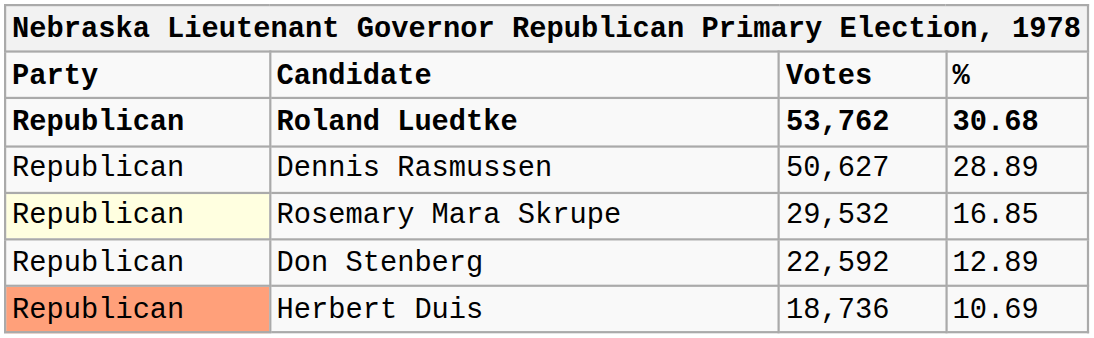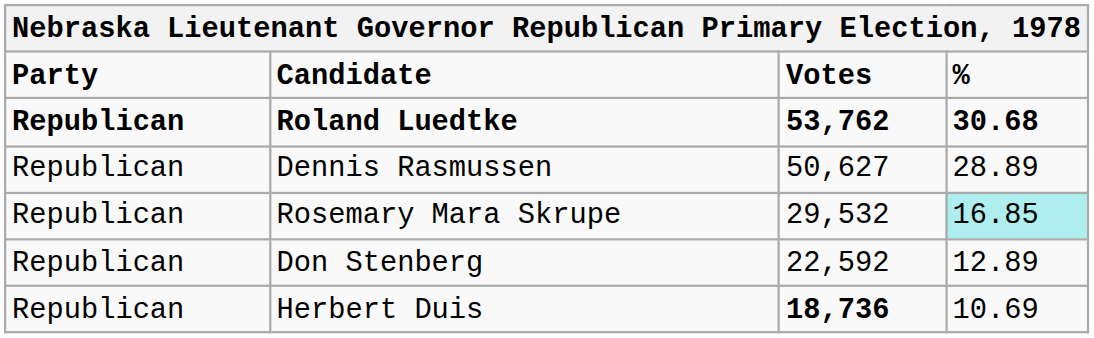 <table class="wikitable">
 <tr>
 <th colspan="4">Nebraska Lieutenant Governor Republican Primary Election, 1978</th>
 </tr>
 <tr>
 <td><strong>Party</strong></td>
 <td><strong>Candidate</strong></td>
 <td><strong>Votes</strong></td>
 <td><strong>%</strong></td>
 </tr>
 <tr>
 <td><strong>Republican</strong></td>
 <td><strong>Roland Luedtke</strong></td>
 <td><strong>53,762</strong></td>
 <td><strong>30.68</strong></td>
 </tr>
 <tr>
 <td>Republican</td>
 <td>Dennis Rasmussen</td>
 <td>50,627</td>
 <td>28.89</td>
 </tr>
 <tr>
-<td style="background: lightyellow;">Republican</td>
+<td>Republican</td>
 <td>Rosemary Mara Skrupe</td>
 <td>29,532</td>
-<td>16.85</td>
+<td style="background: paleturquoise;">16.85</td>
 </tr>
 <tr>
 <td>Republican</td>
 <td>Don Stenberg</td>
 <td>22,592</td>
 <td>12.89</td>
 </tr>
 <tr>
-<td style="background: lightsalmon;">Republican</td>
+<td>Republican</td>
 <td>Herbert Duis</td>
-<td>18,736</td>
+<td><strong>18,736</strong></td>
 <td>10.69</td>
 </tr>
 </table>
